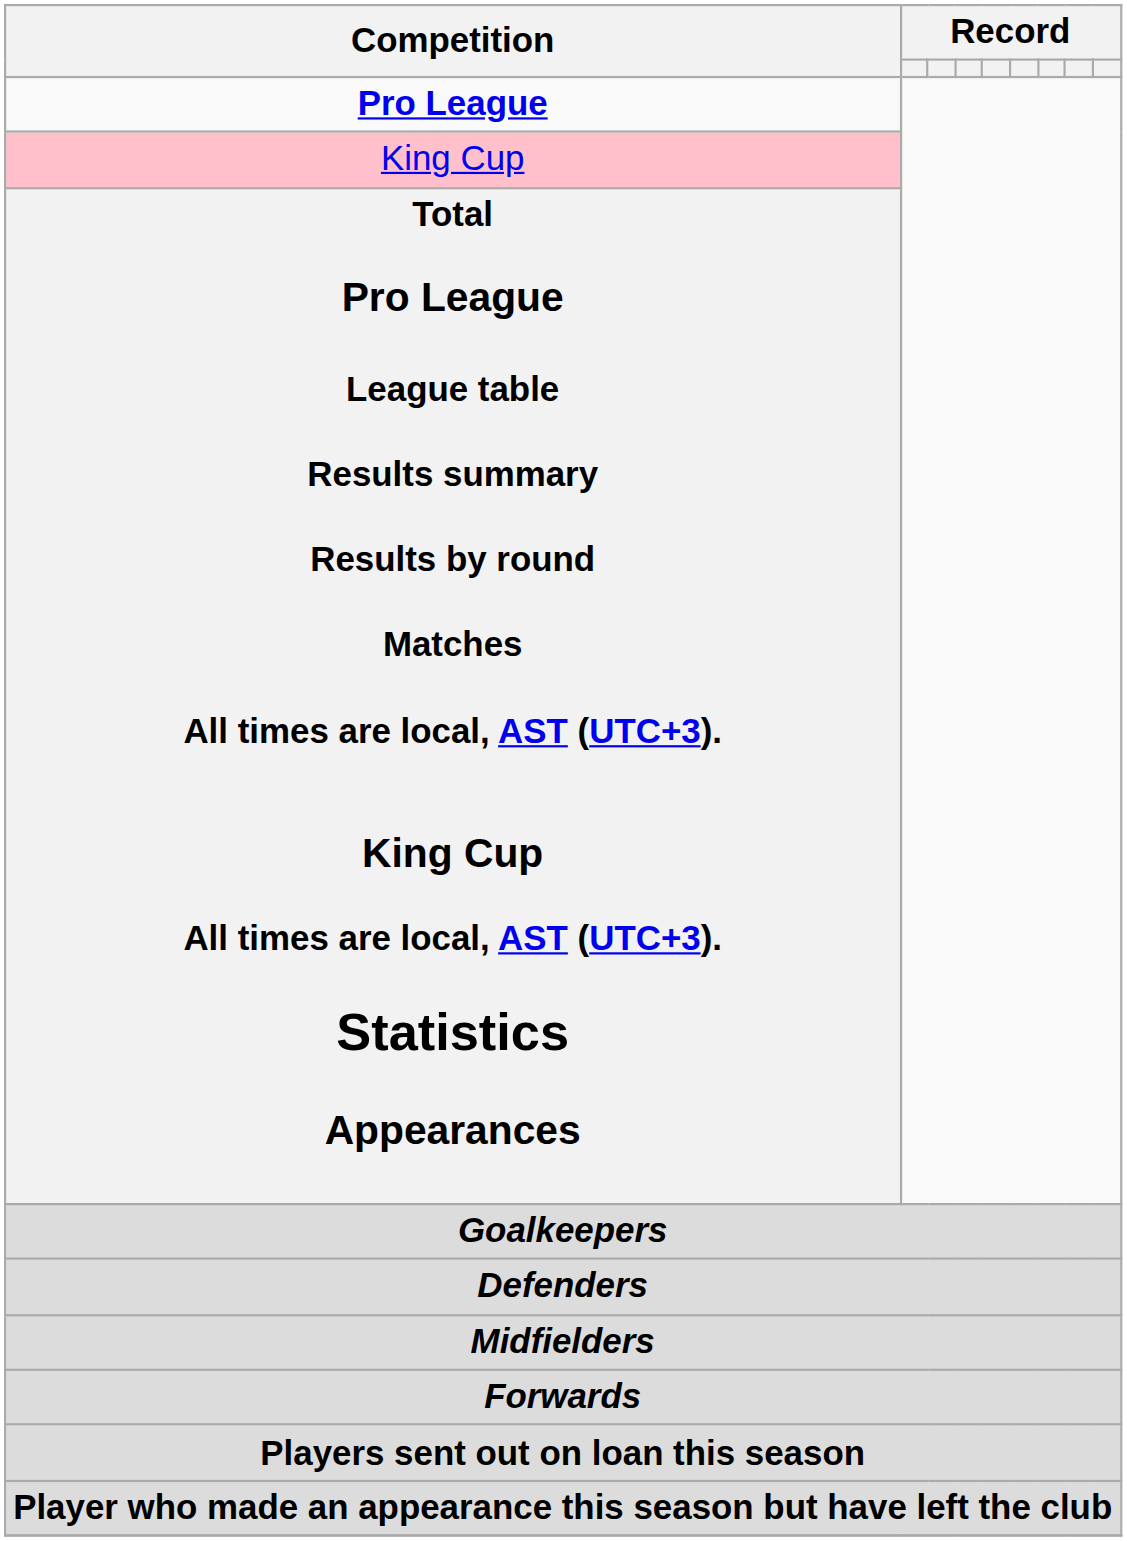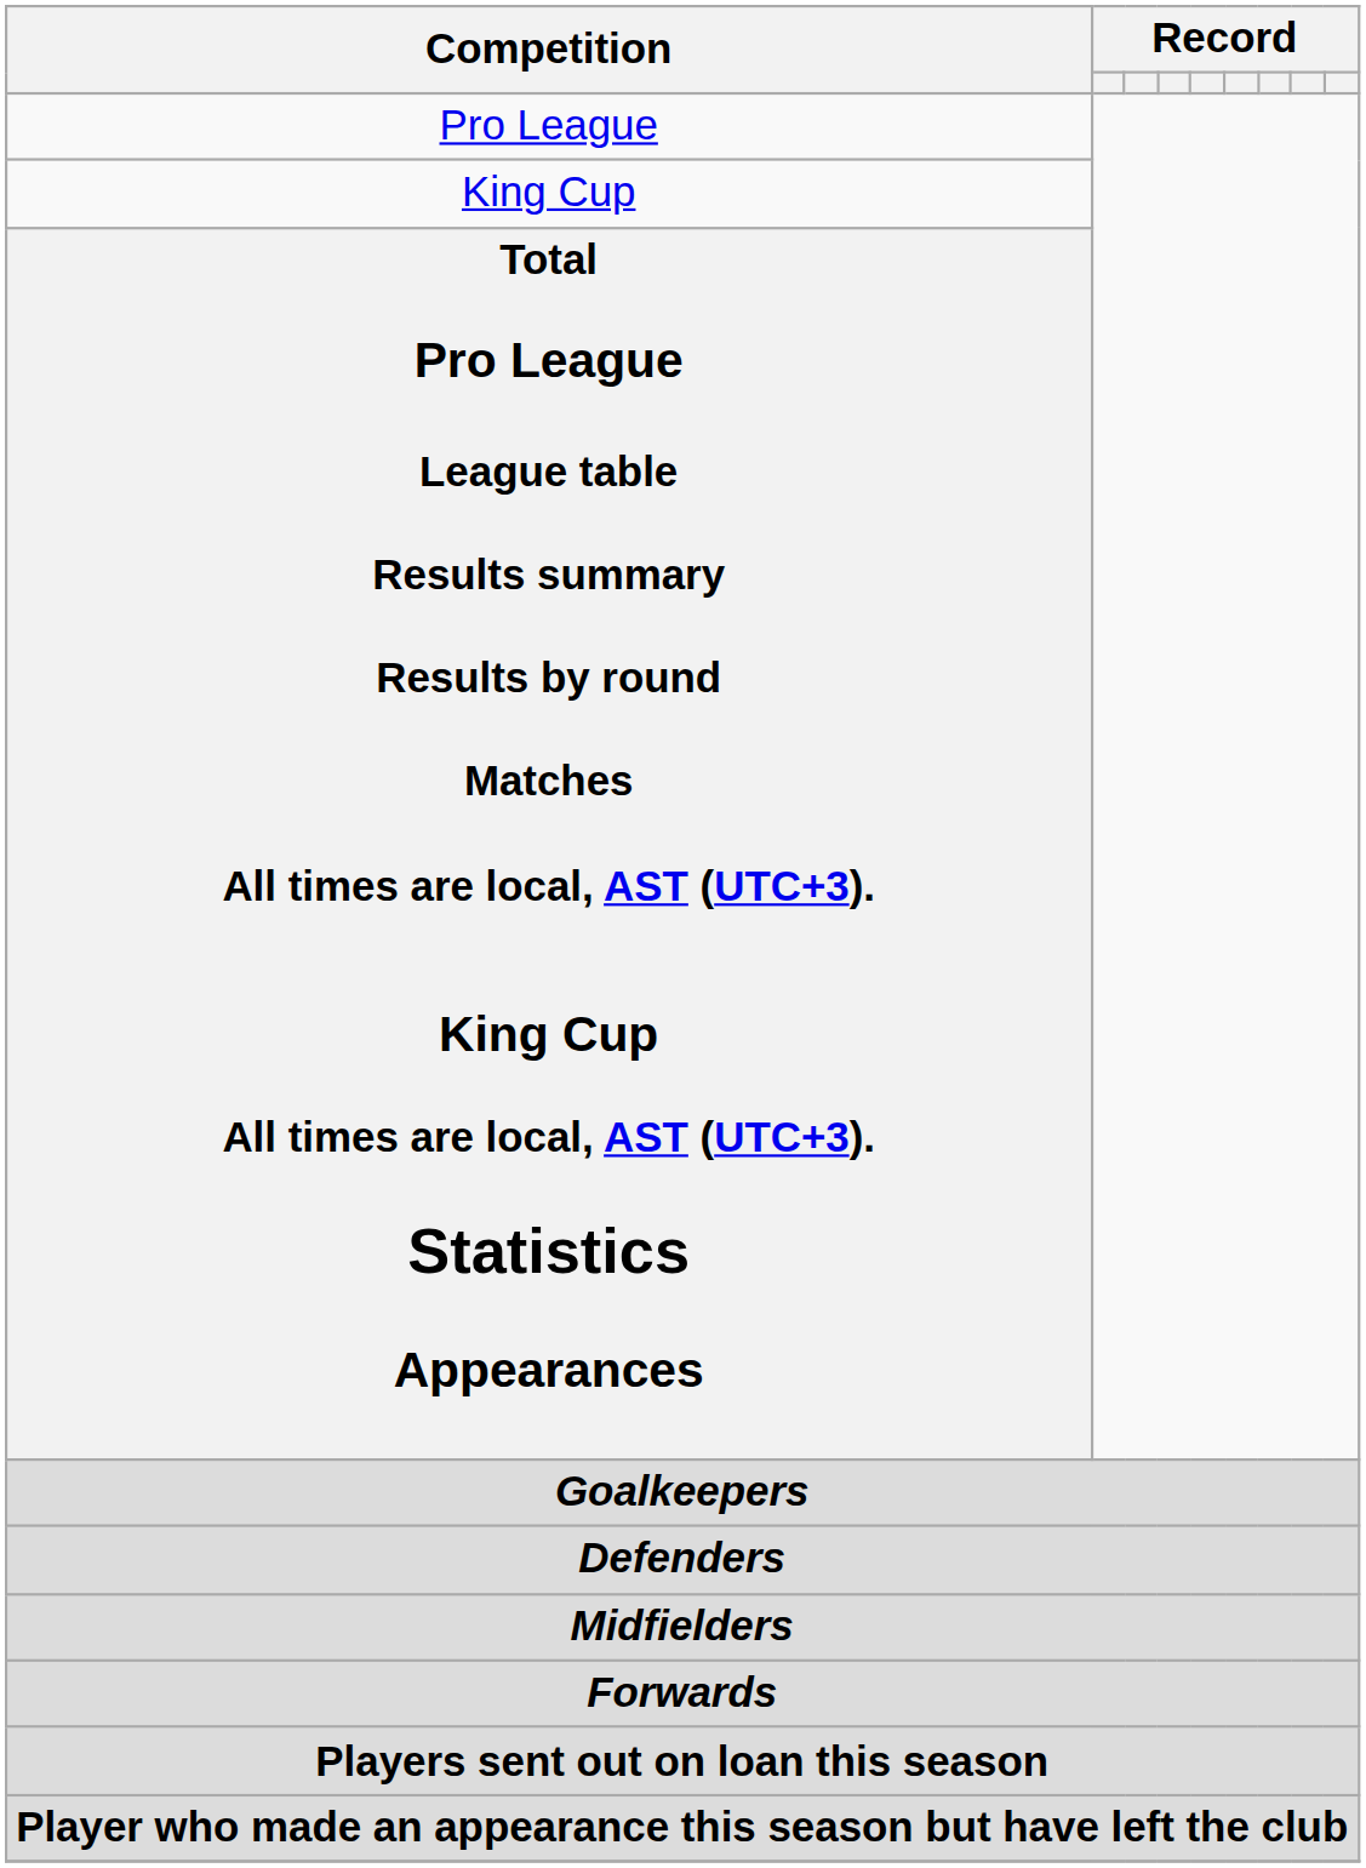 <table class="wikitable" style="text-align: center">
 <tr>
 <th rowspan=2>Competition</th>
 <th colspan=8>Record</th>
 </tr>
 <tr>
 <th></th>
 <th></th>
 <th></th>
 <th></th>
 <th></th>
 <th></th>
 <th></th>
 <th></th>
 </tr>
 <tr>
-<td><strong><a href='#'>Pro League</a><br></strong></td>
+<td><a href='#'>Pro League</a><br></td>
 </tr>
 <tr>
-<td style="background: pink;"><a href='#'>King Cup</a><br></td>
+<td><a href='#'>King Cup</a><br></td>
 </tr>
 <tr>
 <th>Total<br> <h3>Pro League</h3><h4>League table</h4><h4>Results summary</h4> <h4>Results by round</h4><h4>Matches</h4>All times are local, <a href='#'>AST</a> (<a href='#'>UTC+3</a>).<br>   <br>                              <h3>King Cup</h3> All times are local, <a href='#'>AST</a> (<a href='#'>UTC+3</a>).<br>  <h2>Statistics</h2><h3>Appearances</h3></th>
 </tr>
 <tr>
 <th colspan=10 style=background:#dcdcdc; text-align:center><em>Goalkeepers</em><br>   </th>
 </tr>
 <tr>
 <th colspan=10 style=background:#dcdcdc; text-align:center><em>Defenders</em><br>      </th>
 </tr>
 <tr>
 <th colspan=10 style=background:#dcdcdc; text-align:center><em>Midfielders</em><br>               </th>
 </tr>
 <tr>
 <th colspan=10 style=background:#dcdcdc; text-align:center><em>Forwards</em><br> </th>
 </tr>
 <tr>
 <th colspan=14 style=background:#dcdcdc; text-align:center>Players sent out on loan this season<br>   </th>
 </tr>
 <tr>
 <th colspan=18 style=background:#dcdcdc; text-align:center>Player who made an appearance this season but have left the club<br>             </th>
 </tr>
 <tr>
 </tr>
 </table>
